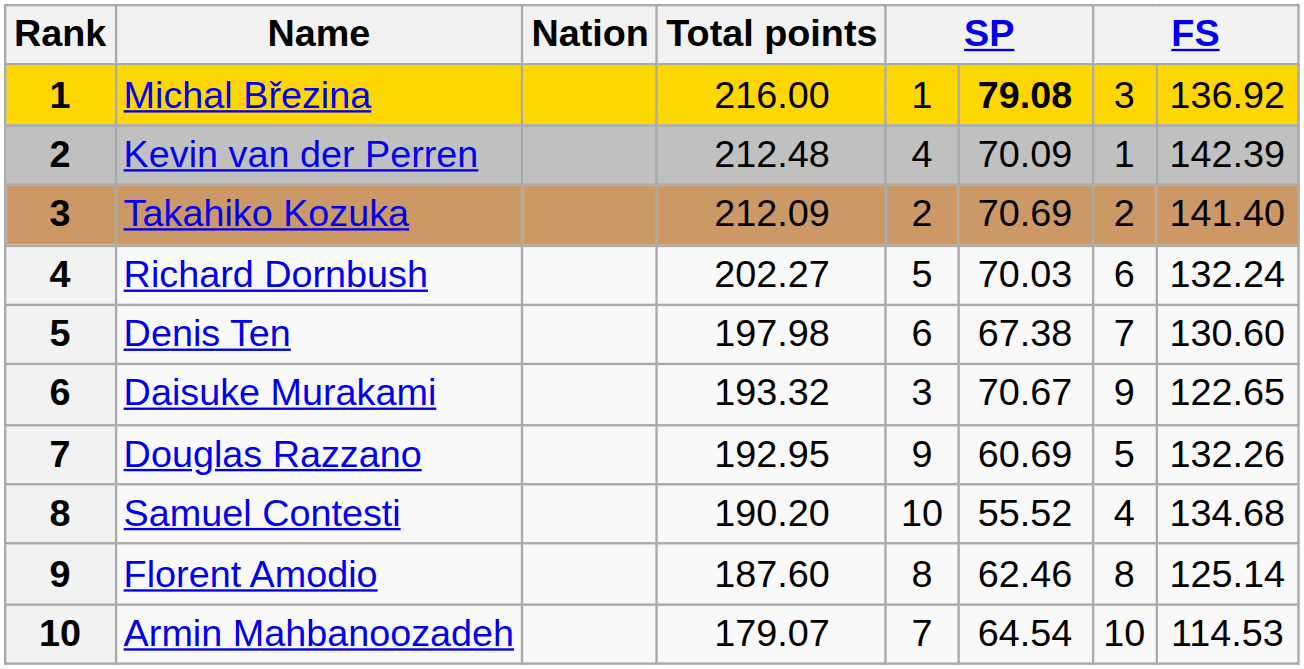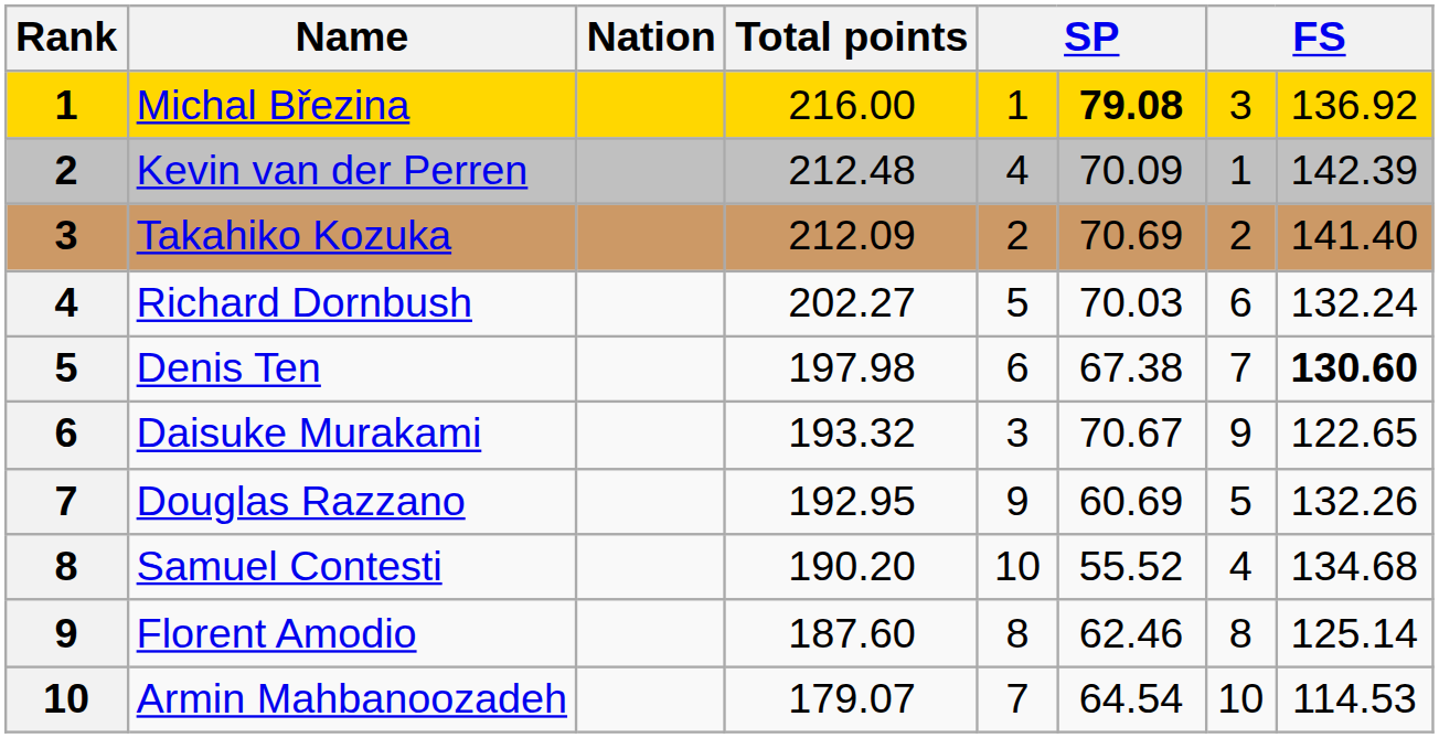 <table class="wikitable sortable">
 <tr>
 <th>Rank</th>
 <th>Name</th>
 <th>Nation</th>
 <th>Total points</th>
 <th colspan="2" width="80px"><a href='#'>SP</a></th>
 <th colspan="2" width="80px"><a href='#'>FS</a></th>
 </tr>
 <tr bgcolor="gold">
 <td align="center"><strong>1</strong></td>
 <td><a href='#'>Michal Březina</a></td>
 <td></td>
 <td align="center">216.00</td>
 <td align="center">1</td>
 <td align="center"><strong>79.08</strong></td>
 <td align="center">3</td>
 <td align="center">136.92</td>
 </tr>
 <tr bgcolor="silver">
 <td align="center"><strong>2</strong></td>
 <td><a href='#'>Kevin van der Perren</a></td>
 <td></td>
 <td align="center">212.48</td>
 <td align="center">4</td>
 <td align="center">70.09</td>
 <td align="center">1</td>
 <td align="center">142.39</td>
 </tr>
 <tr bgcolor="cc9966">
 <td align="center"><strong>3</strong></td>
 <td><a href='#'>Takahiko Kozuka</a></td>
 <td></td>
 <td align="center">212.09</td>
 <td align="center">2</td>
 <td align="center">70.69</td>
 <td align="center">2</td>
 <td align="center">141.40</td>
 </tr>
 <tr>
 <th>4</th>
 <td><a href='#'>Richard Dornbush</a></td>
 <td></td>
 <td align="center">202.27</td>
 <td align="center">5</td>
 <td align="center">70.03</td>
 <td align="center">6</td>
 <td align="center">132.24</td>
 </tr>
 <tr>
 <th>5</th>
 <td><a href='#'>Denis Ten</a></td>
 <td></td>
 <td align="center">197.98</td>
 <td align="center">6</td>
 <td align="center">67.38</td>
 <td align="center">7</td>
-<td align="center">130.60</td>
+<td align="center"><strong>130.60</strong></td>
 </tr>
 <tr>
 <th>6</th>
 <td><a href='#'>Daisuke Murakami</a></td>
 <td></td>
 <td align="center">193.32</td>
 <td align="center">3</td>
 <td align="center">70.67</td>
 <td align="center">9</td>
 <td align="center">122.65</td>
 </tr>
 <tr>
 <th>7</th>
 <td><a href='#'>Douglas Razzano</a></td>
 <td></td>
 <td align="center">192.95</td>
 <td align="center">9</td>
 <td align="center">60.69</td>
 <td align="center">5</td>
 <td align="center">132.26</td>
 </tr>
 <tr>
 <th>8</th>
 <td><a href='#'>Samuel Contesti</a></td>
 <td></td>
 <td align="center">190.20</td>
 <td align="center">10</td>
 <td align="center">55.52</td>
 <td align="center">4</td>
 <td align="center">134.68</td>
 </tr>
 <tr>
 <th>9</th>
 <td><a href='#'>Florent Amodio</a></td>
 <td></td>
 <td align="center">187.60</td>
 <td align="center">8</td>
 <td align="center">62.46</td>
 <td align="center">8</td>
 <td align="center">125.14</td>
 </tr>
 <tr>
 <th>10</th>
 <td><a href='#'>Armin Mahbanoozadeh</a></td>
 <td></td>
 <td align="center">179.07</td>
 <td align="center">7</td>
 <td align="center">64.54</td>
 <td align="center">10</td>
 <td align="center">114.53</td>
 </tr>
 </table>
